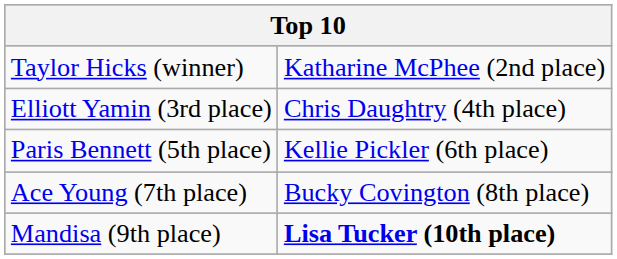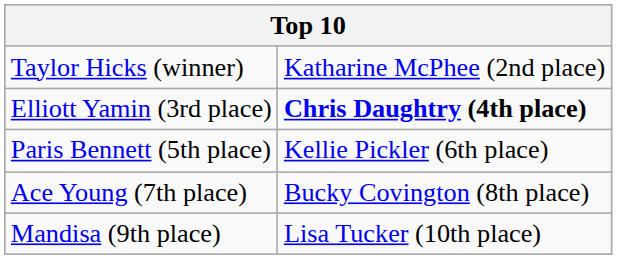 <table class="wikitable">
 <tr>
 <th colspan="2">Top 10</th>
 </tr>
 <tr>
 <td><a href='#'>Taylor Hicks</a> (winner)</td>
 <td><a href='#'>Katharine McPhee</a> (2nd place)</td>
 </tr>
 <tr>
 <td><a href='#'>Elliott Yamin</a> (3rd place)</td>
-<td><a href='#'>Chris Daughtry</a> (4th place)</td>
+<td><strong><a href='#'>Chris Daughtry</a> (4th place)</strong></td>
 </tr>
 <tr>
 <td><a href='#'>Paris Bennett</a> (5th place)</td>
 <td><a href='#'>Kellie Pickler</a> (6th place)</td>
 </tr>
 <tr>
 <td><a href='#'>Ace Young</a> (7th place)</td>
 <td><a href='#'>Bucky Covington</a> (8th place)</td>
 </tr>
 <tr>
 <td><a href='#'>Mandisa</a> (9th place)</td>
-<td><strong><a href='#'>Lisa Tucker</a> (10th place)</strong></td>
+<td><a href='#'>Lisa Tucker</a> (10th place)</td>
 </tr>
 </table>
